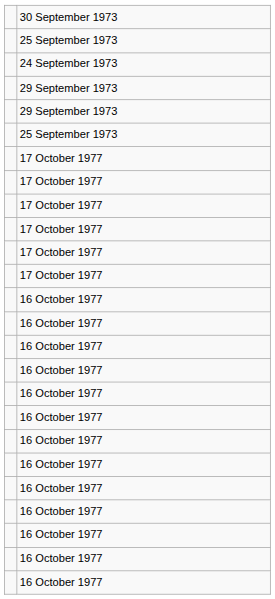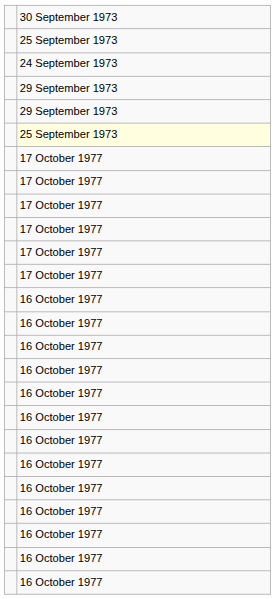 <table class="wikitable" style="font-size: 89%; float: left; width: 24em; margin-right: 1em; line-height: 1.65em">
 <tr>
 <td></td>
 <td>30 September 1973</td>
 </tr>
 <tr>
 <td></td>
 <td>25 September 1973</td>
 </tr>
 <tr>
 <td></td>
 <td>24 September 1973</td>
 </tr>
 <tr>
 <td></td>
 <td>29 September 1973</td>
 </tr>
 <tr>
 <td></td>
 <td>29 September 1973</td>
 </tr>
 <tr>
 <td></td>
-<td>25 September 1973</td>
+<td style="background: lightyellow;">25 September 1973</td>
 </tr>
 <tr>
 <td></td>
 <td>17 October 1977</td>
 </tr>
 <tr>
 <td></td>
 <td>17 October 1977</td>
 </tr>
 <tr>
 <td></td>
 <td>17 October 1977</td>
 </tr>
 <tr>
 <td></td>
 <td>17 October 1977</td>
 </tr>
 <tr>
 <td></td>
 <td>17 October 1977</td>
 </tr>
 <tr>
 <td></td>
 <td>17 October 1977</td>
 </tr>
 <tr>
 <td></td>
 <td>16 October 1977</td>
 </tr>
 <tr>
 <td></td>
 <td>16 October 1977</td>
 </tr>
 <tr>
 <td></td>
 <td>16 October 1977</td>
 </tr>
 <tr>
 <td></td>
 <td>16 October 1977</td>
 </tr>
 <tr>
 <td></td>
 <td>16 October 1977</td>
 </tr>
 <tr>
 <td></td>
 <td>16 October 1977</td>
 </tr>
 <tr>
 <td></td>
 <td>16 October 1977</td>
 </tr>
 <tr>
 <td></td>
 <td>16 October 1977</td>
 </tr>
 <tr>
 <td></td>
 <td>16 October 1977</td>
 </tr>
 <tr>
 <td></td>
 <td>16 October 1977</td>
 </tr>
 <tr>
 <td></td>
 <td>16 October 1977</td>
 </tr>
 <tr>
 <td></td>
 <td>16 October 1977</td>
 </tr>
 <tr>
 <td></td>
 <td>16 October 1977</td>
 </tr>
 </table>
